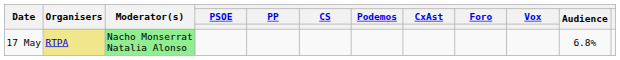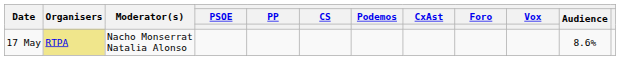 <table class="wikitable" style="text-align:center;">
 <tr>
 <th rowspan="3">Date</th>
 <th rowspan="3">Organisers</th>
 <th rowspan="3">Moderator(s)</th>
 <th colspan="9">  </th>
 </tr>
 <tr>
 <th scope="col" style="width:5em;"><a href='#'>PSOE</a></th>
 <th scope="col" style="width:5em;"><a href='#'>PP</a></th>
 <th scope="col" style="width:5em;"><a href='#'>CS</a></th>
 <th scope="col" style="width:5em;"><a href='#'>Podemos</a></th>
 <th scope="col" style="width:5em;"><a href='#'>CxAst</a></th>
 <th scope="col" style="width:5em;"><a href='#'>Foro</a></th>
 <th scope="col" style="width:5em;"><a href='#'>Vox</a></th>
 <th rowspan="2" scope="col" style="width:5em;">Audience</th>
 <th rowspan="2"></th>
 </tr>
 <tr>
 <th style="color:inherit;background:"></th>
 <th style="color:inherit;background:"></th>
 <th style="color:inherit;background:"></th>
 <th style="color:inherit;background:"></th>
 <th style="color:inherit;background:"></th>
 <th style="color:inherit;background:"></th>
 <th style="color:inherit;background:"></th>
 </tr>
 <tr>
 <td style="white-space:nowrap; text-align:left;">17 May</td>
 <td style="background: khaki; white-space:nowrap; text-align:left;"><a href='#'>RTPA</a></td>
-<td style="background: lightgreen; white-space:nowrap; text-align:left;">Nacho Monserrat<br>Natalia Alonso</td>
+<td style="white-space:nowrap; text-align:left;">Nacho Monserrat<br>Natalia Alonso</td>
 <td></td>
 <td></td>
 <td></td>
 <td></td>
 <td></td>
 <td></td>
 <td></td>
-<td>6.8%<br></td>
+<td>8.6%<br></td>
 <td><br></td>
 </tr>
 </table>
